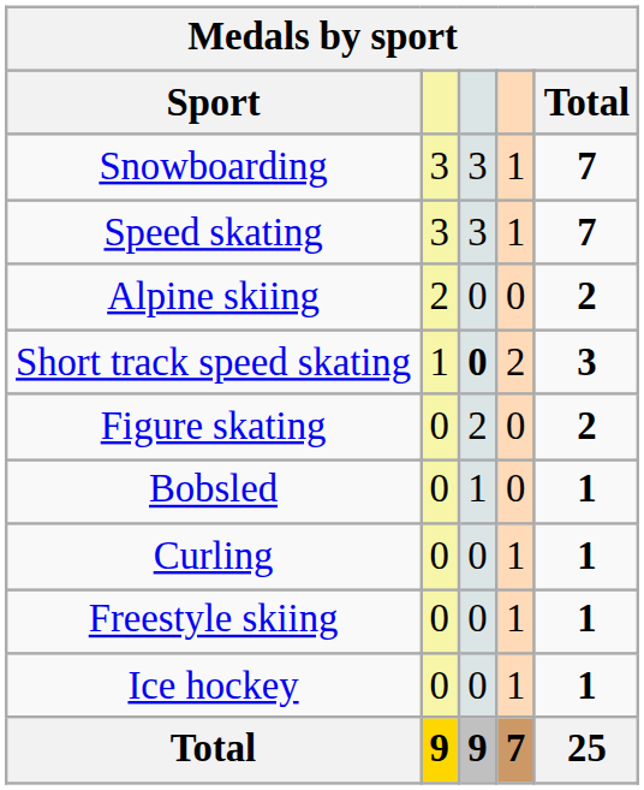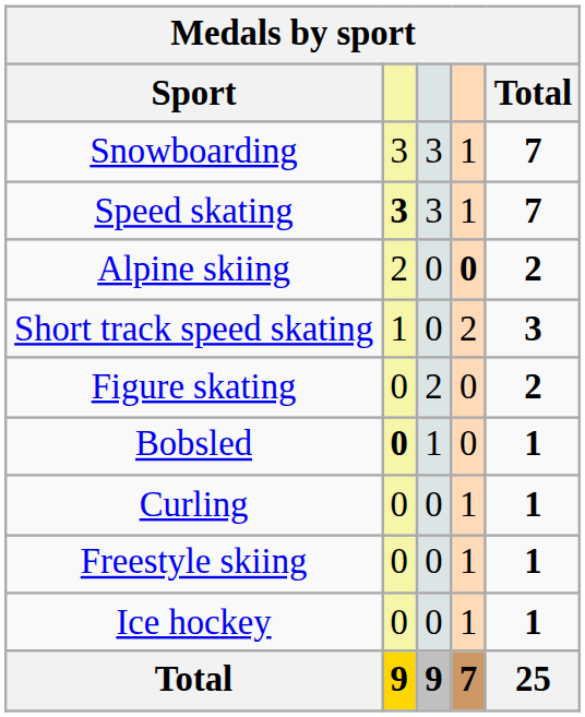 <table class=wikitable style=font-size:85%;float:right;text-align:center>
 <tr>
 <th colspan=5>Medals by sport</th>
 </tr>
 <tr>
 <th>Sport</th>
 <td bgcolor=F7F6A8></td>
 <td bgcolor=DCE5E5></td>
 <td bgcolor=FFDAB9></td>
 <th>Total</th>
 </tr>
 <tr>
 <td><a href='#'>Snowboarding</a></td>
 <td bgcolor=F7F6A8>3</td>
 <td bgcolor=DCE5E5>3</td>
 <td bgcolor=FFDAB9>1</td>
 <td><strong>7</strong></td>
 </tr>
 <tr>
 <td><a href='#'>Speed skating</a></td>
-<td bgcolor=F7F6A8>3</td>
+<td bgcolor=F7F6A8><strong>3</strong></td>
 <td bgcolor=DCE5E5>3</td>
 <td bgcolor=FFDAB9>1</td>
 <td><strong>7</strong></td>
 </tr>
 <tr>
 <td><a href='#'>Alpine skiing</a></td>
 <td bgcolor=F7F6A8>2</td>
 <td bgcolor=DCE5E5>0</td>
-<td bgcolor=FFDAB9>0</td>
+<td bgcolor=FFDAB9><strong>0</strong></td>
 <td><strong>2</strong></td>
 </tr>
 <tr>
 <td><a href='#'>Short track speed skating</a></td>
 <td bgcolor=F7F6A8>1</td>
-<td bgcolor=DCE5E5><strong>0</strong></td>
+<td bgcolor=DCE5E5>0</td>
 <td bgcolor=FFDAB9>2</td>
 <td><strong>3</strong></td>
 </tr>
 <tr>
 <td><a href='#'>Figure skating</a></td>
 <td bgcolor=F7F6A8>0</td>
 <td bgcolor=DCE5E5>2</td>
 <td bgcolor=FFDAB9>0</td>
 <td><strong>2</strong></td>
 </tr>
 <tr>
 <td><a href='#'>Bobsled</a></td>
-<td bgcolor=F7F6A8>0</td>
+<td bgcolor=F7F6A8><strong>0</strong></td>
 <td bgcolor=DCE5E5>1</td>
 <td bgcolor=FFDAB9>0</td>
 <td><strong>1</strong></td>
 </tr>
 <tr>
 <td><a href='#'>Curling</a></td>
 <td bgcolor=F7F6A8>0</td>
 <td bgcolor=DCE5E5>0</td>
 <td bgcolor=FFDAB9>1</td>
 <td><strong>1</strong></td>
 </tr>
 <tr>
 <td><a href='#'>Freestyle skiing</a></td>
 <td bgcolor=F7F6A8>0</td>
 <td bgcolor=DCE5E5>0</td>
 <td bgcolor=FFDAB9>1</td>
 <td><strong>1</strong></td>
 </tr>
 <tr>
 <td><a href='#'>Ice hockey</a></td>
 <td bgcolor=F7F6A8>0</td>
 <td bgcolor=DCE5E5>0</td>
 <td bgcolor=FFDAB9>1</td>
 <td><strong>1</strong></td>
 </tr>
 <tr>
 <th>Total</th>
 <th style=background:gold>9</th>
 <th style=background:silver>9</th>
 <th style=background:#c96>7</th>
 <th>25</th>
 </tr>
 </table>
